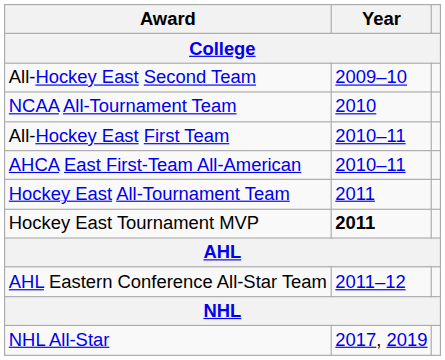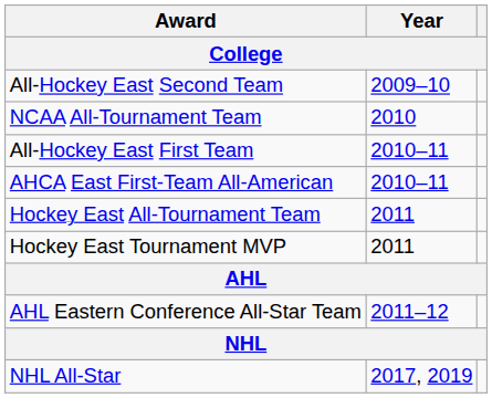 <table class="wikitable">
 <tr>
 <th>Award</th>
 <th>Year</th>
 <th></th>
 </tr>
 <tr>
 <th colspan="3"><a href='#'>College</a></th>
 </tr>
 <tr>
 <td>All-<a href='#'>Hockey East</a> <a href='#'>Second Team</a></td>
 <td><a href='#'>2009–10</a></td>
 <td></td>
 </tr>
 <tr>
 <td><a href='#'>NCAA</a> <a href='#'>All-Tournament Team</a></td>
 <td><a href='#'>2010</a></td>
 <td></td>
 </tr>
 <tr>
 <td>All-<a href='#'>Hockey East</a> <a href='#'>First Team</a></td>
 <td><a href='#'>2010–11</a></td>
 <td></td>
 </tr>
 <tr>
 <td><a href='#'>AHCA</a> <a href='#'>East First-Team All-American</a></td>
 <td><a href='#'>2010–11</a></td>
 <td></td>
 </tr>
 <tr>
 <td><a href='#'>Hockey East</a> <a href='#'>All-Tournament Team</a></td>
 <td><a href='#'>2011</a></td>
 <td></td>
 </tr>
 <tr>
 <td>Hockey East Tournament MVP</td>
-<td><strong>2011</strong></td>
+<td>2011</td>
 <td></td>
 </tr>
 <tr>
 <th colspan="3"><a href='#'>AHL</a></th>
 </tr>
 <tr>
 <td><a href='#'>AHL</a> Eastern Conference All-Star Team</td>
 <td><a href='#'>2011–12</a></td>
 <td></td>
 </tr>
 <tr>
 <th colspan="3"><a href='#'>NHL</a></th>
 </tr>
 <tr>
 <td><a href='#'>NHL All-Star</a></td>
 <td><a href='#'>2017</a>, <a href='#'>2019</a></td>
 <td></td>
 </tr>
 </table>
